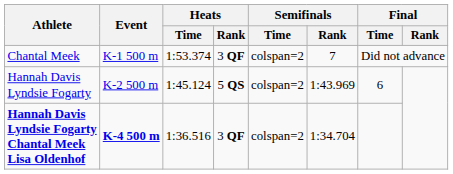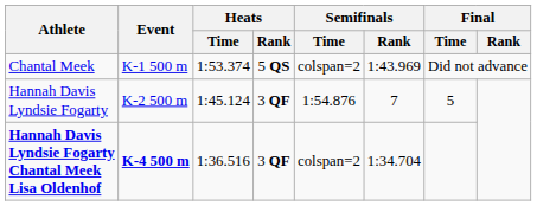 <table class="wikitable" style="font-size:90%">
 <tr>
 <th rowspan=2>Athlete</th>
 <th rowspan=2>Event</th>
 <th colspan=2>Heats</th>
 <th colspan=2>Semifinals</th>
 <th colspan=2>Final</th>
 </tr>
 <tr style="font-size:95%">
 <th>Time</th>
 <th>Rank</th>
 <th>Time</th>
 <th>Rank</th>
 <th>Time</th>
 <th>Rank</th>
 </tr>
 <tr align=center>
 <td align=left><a href='#'>Chantal Meek</a></td>
 <td align=left><a href='#'>K-1 500 m</a></td>
 <td>1:53.374</td>
-<td>3 <strong>QF</strong></td>
+<td>5 <strong>QS</strong></td>
 <td>colspan=2 </td>
-<td>7</td>
+<td>1:43.969</td>
 <td colspan=2>Did not advance</td>
 </tr>
 <tr align=center>
 <td align=left><a href='#'>Hannah Davis</a> <br><a href='#'>Lyndsie Fogarty</a></td>
 <td align=left><a href='#'>K-2 500 m</a></td>
 <td>1:45.124</td>
-<td>5 <strong>QS</strong></td>
-<td>colspan=2 </td>
-<td>1:43.969</td>
-<td>6</td>
+<td>3 <strong>QF</strong></td>
+<td>1:54.876</td>
+<td>7</td>
+<td>5</td>
 </tr>
 <tr align=center>
 <td align=left><strong><a href='#'>Hannah Davis</a><br><a href='#'>Lyndsie Fogarty</a><br><a href='#'>Chantal Meek</a><br><a href='#'>Lisa Oldenhof</a></strong></td>
 <td align=left><strong><a href='#'>K-4 500 m</a></strong></td>
 <td>1:36.516</td>
 <td>3 <strong>QF</strong></td>
 <td>colspan=2 </td>
 <td>1:34.704</td>
 <td></td>
 </tr>
 </table>
